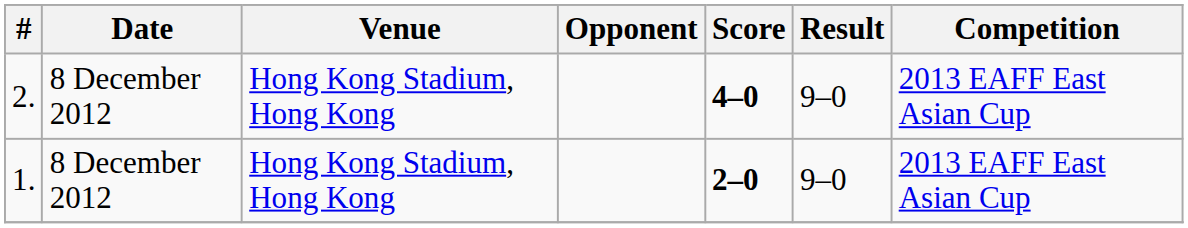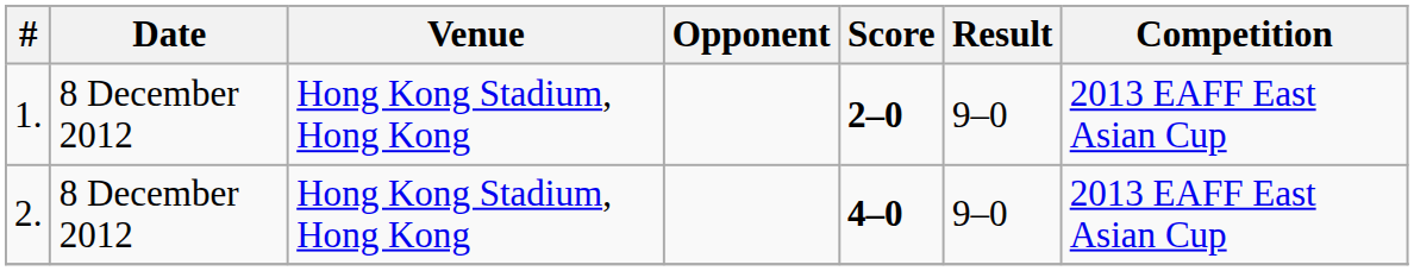 <table class="wikitable">
 <tr>
 <th>#</th>
 <th>Date</th>
 <th>Venue</th>
 <th>Opponent</th>
 <th>Score</th>
 <th>Result</th>
 <th>Competition</th>
 </tr>
 <tr>
+<td>1.</td>
+<td>8 December 2012</td>
+<td><a href='#'>Hong Kong Stadium</a>, <a href='#'>Hong Kong</a></td>
+<td></td>
+<td><strong>2–0</strong></td>
+<td>9–0</td>
+<td><a href='#'>2013 EAFF East Asian Cup</a></td>
+</tr>
+<tr>
 <td>2.</td>
 <td>8 December 2012</td>
 <td><a href='#'>Hong Kong Stadium</a>, <a href='#'>Hong Kong</a></td>
 <td></td>
 <td><strong>4–0</strong></td>
 <td>9–0</td>
 <td><a href='#'>2013 EAFF East Asian Cup</a></td>
 </tr>
 <tr>
-<td>1.</td>
-<td>8 December 2012</td>
-<td><a href='#'>Hong Kong Stadium</a>, <a href='#'>Hong Kong</a></td>
-<td></td>
-<td><strong>2–0</strong></td>
-<td>9–0</td>
-<td><a href='#'>2013 EAFF East Asian Cup</a></td>
-</tr>
-<tr>
 </tr>
 </table>
